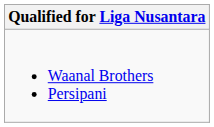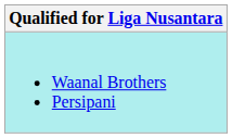 <table class="wikitable">
 <tr style="vertical-align:top">
 <th> Qualified for <a href='#'>Liga Nusantara</a></th>
 </tr>
 <tr>
-<td><br><ul><li><a href='#'>Waanal Brothers</a></li><li><a href='#'>Persipani</a></li></ul></td>
+<td style="background: paleturquoise;"><br><ul><li><a href='#'>Waanal Brothers</a></li><li><a href='#'>Persipani</a></li></ul></td>
 </tr>
 </table>
